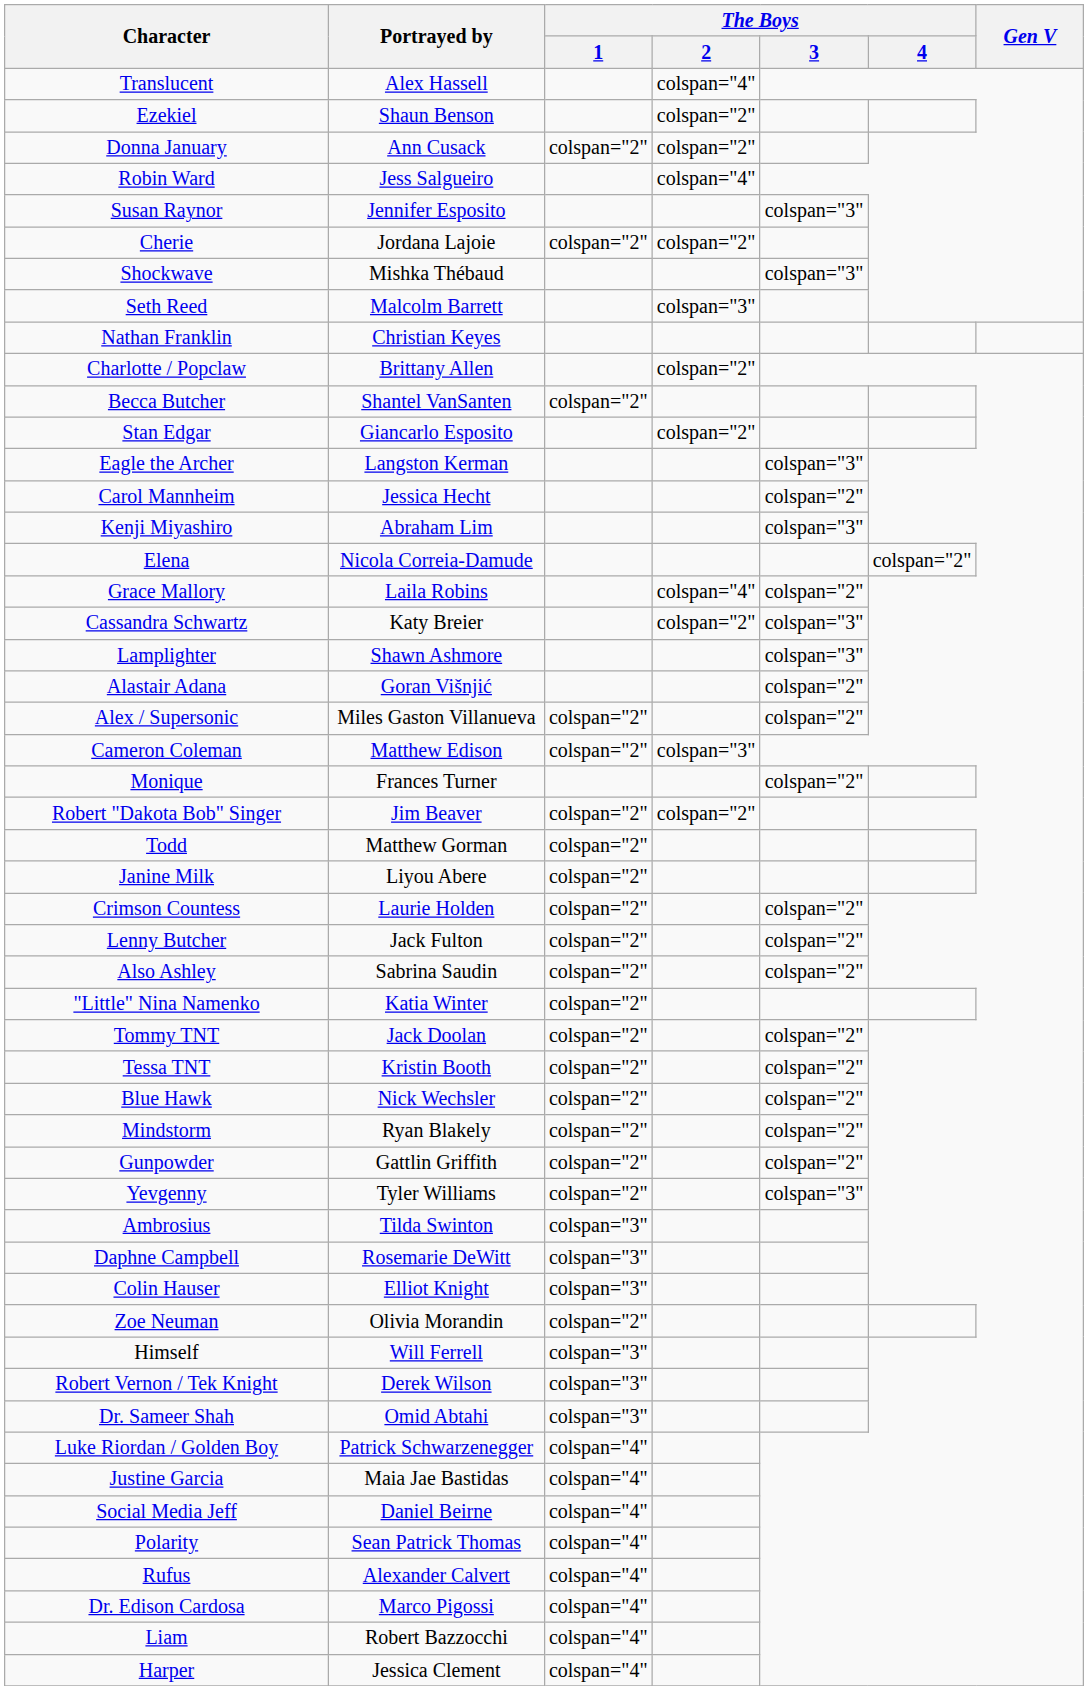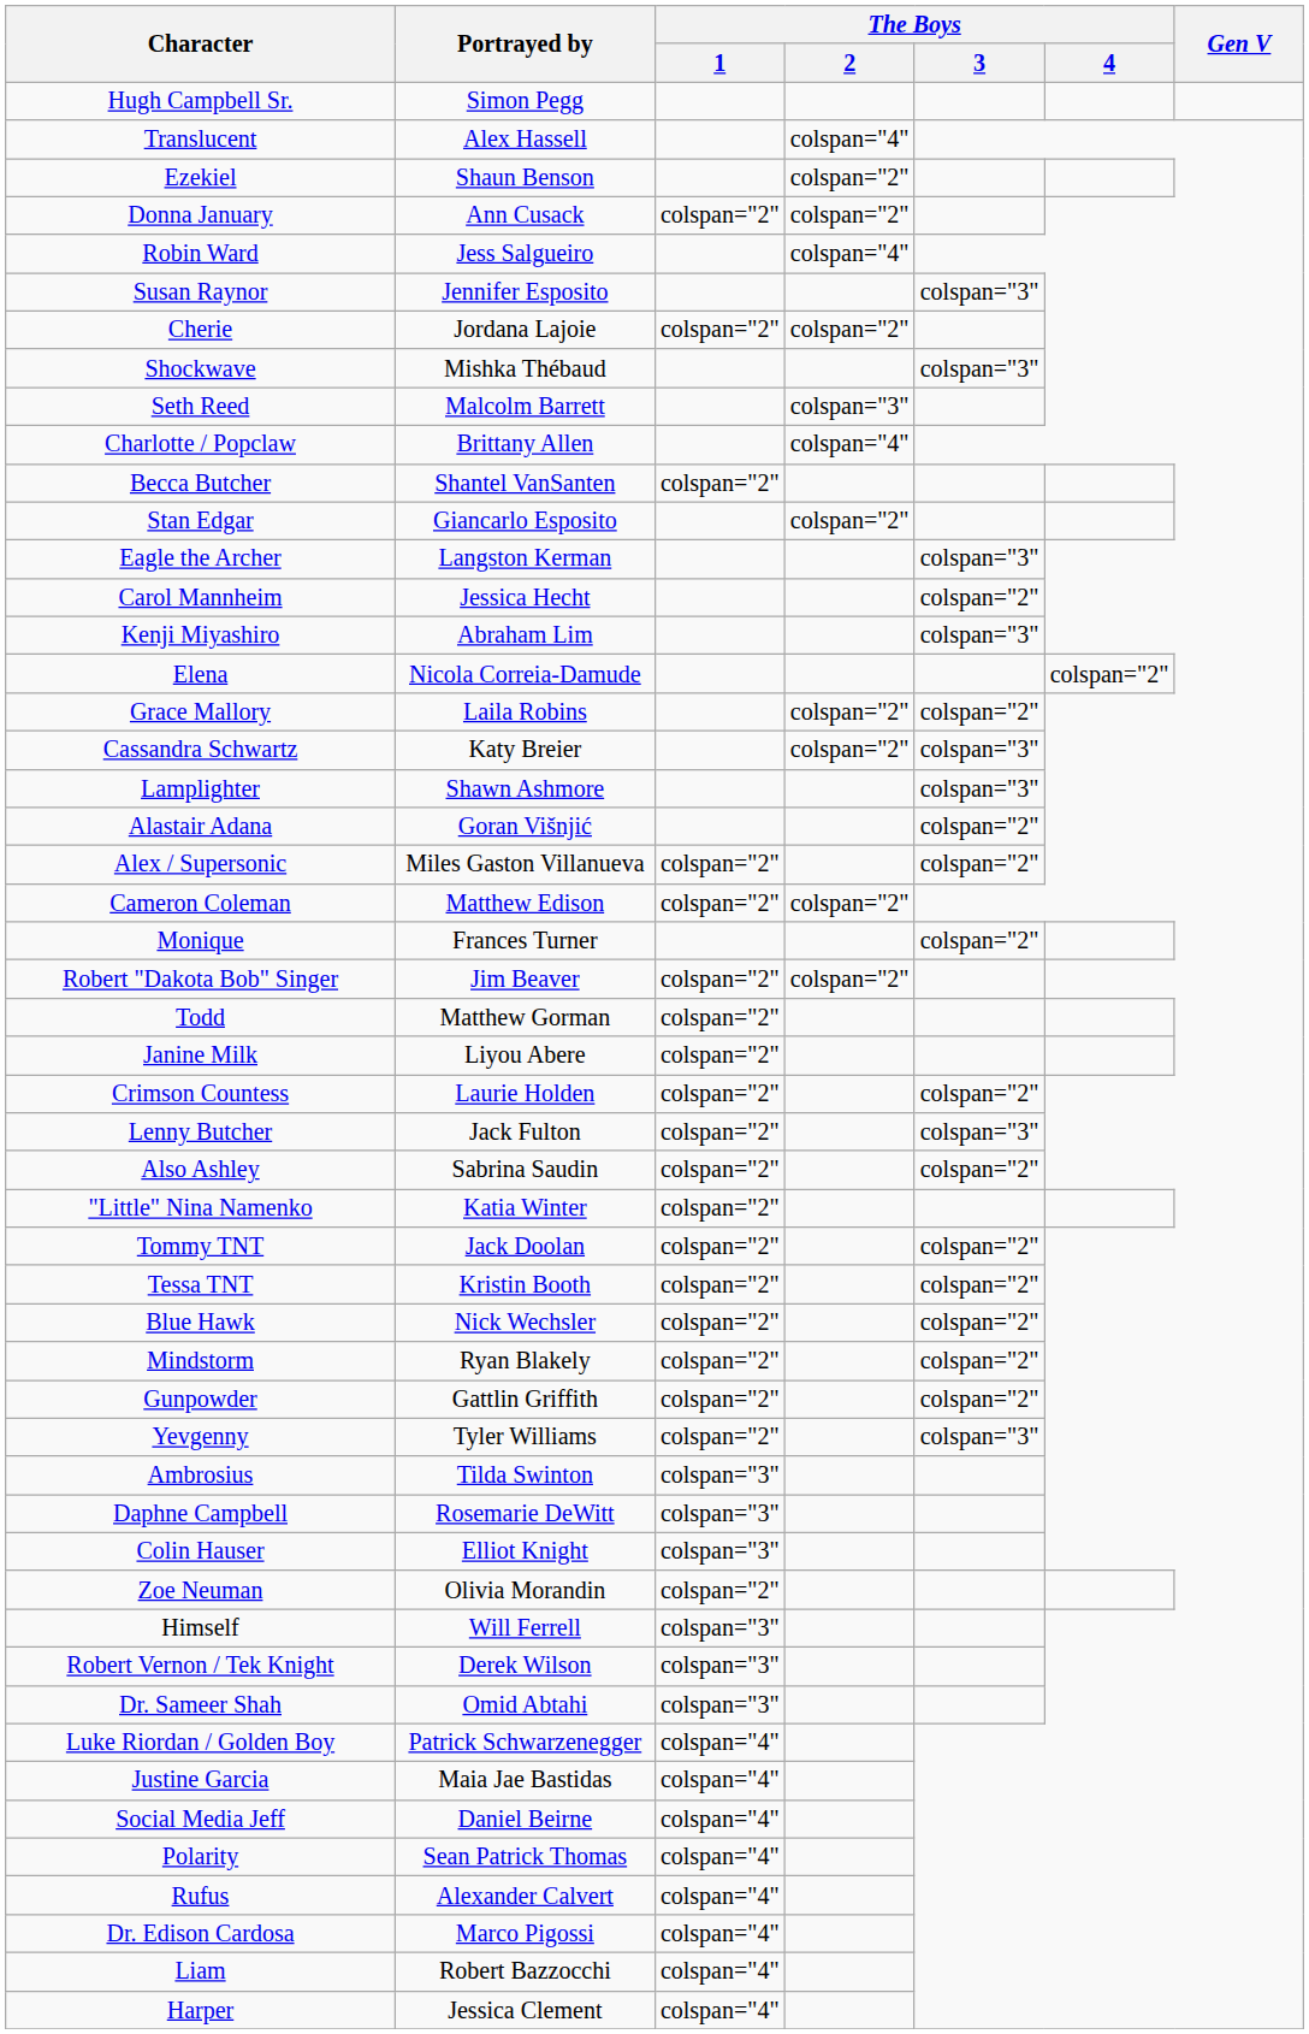 <table class="wikitable plainrowheaders" style="text-align:center;">
 <tr>
 <th scope="col" rowspan="2" style="width:30%;">Character</th>
 <th scope="col" rowspan="2" style="width:20%;">Portrayed by</th>
 <th scope="col" colspan="4"><a href='#'><em>The Boys</em></a></th>
 <th scope="col" rowspan="2" style="width:20%;"><em><a href='#'>Gen V</a></em></th>
 </tr>
 <tr>
 <th style="width:10%;"><a href='#'>1</a></th>
 <th style="width:10%;"><a href='#'>2</a></th>
 <th style="width:10%;"><a href='#'>3</a></th>
 <th style="width:10%;"><a href='#'>4</a></th>
+</tr>
+<tr>
+<td scope="row"><a href='#'>Hugh Campbell Sr.</a></td>
+<td><a href='#'>Simon Pegg</a></td>
+<td></td>
+<td></td>
+<td></td>
+<td></td>
+<td></td>
 </tr>
 <tr>
 <td scope="row"><a href='#'>Translucent</a></td>
 <td><a href='#'>Alex Hassell</a></td>
 <td></td>
 <td>colspan="4" </td>
 </tr>
 <tr>
 <td scope="row"><a href='#'>Ezekiel</a></td>
 <td><a href='#'>Shaun Benson</a></td>
 <td></td>
 <td>colspan="2" </td>
 <td></td>
 <td></td>
 </tr>
 <tr>
 <td scope="row"><a href='#'>Donna January</a></td>
 <td><a href='#'>Ann Cusack</a></td>
 <td>colspan="2" </td>
 <td>colspan="2" </td>
 <td></td>
 </tr>
 <tr>
 <td scope="row"><a href='#'>Robin Ward</a></td>
 <td><a href='#'>Jess Salgueiro</a></td>
 <td></td>
 <td>colspan="4" </td>
 </tr>
 <tr>
 <td scope="row"><a href='#'>Susan Raynor</a></td>
 <td><a href='#'>Jennifer Esposito</a></td>
 <td></td>
 <td></td>
 <td>colspan="3" </td>
 </tr>
 <tr>
 <td scope="row"><a href='#'>Cherie</a></td>
 <td>Jordana Lajoie</td>
 <td>colspan="2" </td>
 <td>colspan="2" </td>
 <td></td>
 </tr>
 <tr>
 <td scope="row"><a href='#'>Shockwave</a></td>
 <td>Mishka Thébaud</td>
 <td></td>
 <td></td>
 <td>colspan="3" </td>
 </tr>
 <tr>
 <td scope="row"><a href='#'>Seth Reed</a></td>
 <td><a href='#'>Malcolm Barrett</a></td>
 <td></td>
 <td>colspan="3" </td>
 <td></td>
 </tr>
 <tr>
-<td scope="row"><a href='#'>Nathan Franklin</a></td>
-<td><a href='#'>Christian Keyes</a></td>
-<td></td>
-<td></td>
-<td></td>
-<td></td>
-<td></td>
-</tr>
-<tr>
 <td scope="row"><a href='#'>Charlotte / Popclaw</a></td>
 <td><a href='#'>Brittany Allen</a></td>
 <td></td>
-<td>colspan="2" </td>
+<td>colspan="4" </td>
 </tr>
 <tr>
 <td scope="row"><a href='#'>Becca Butcher</a></td>
 <td><a href='#'>Shantel VanSanten</a></td>
 <td>colspan="2" </td>
 <td></td>
 <td></td>
 <td></td>
 </tr>
 <tr>
 <td scope="row"><a href='#'>Stan Edgar</a></td>
 <td><a href='#'>Giancarlo Esposito</a></td>
 <td></td>
 <td>colspan="2" </td>
 <td></td>
 <td></td>
 </tr>
 <tr>
 <td scope="row"><a href='#'>Eagle the Archer</a></td>
 <td><a href='#'>Langston Kerman</a></td>
 <td></td>
 <td></td>
 <td>colspan="3" </td>
 </tr>
 <tr>
 <td scope="row"><a href='#'>Carol Mannheim</a></td>
 <td><a href='#'>Jessica Hecht</a></td>
 <td></td>
 <td></td>
 <td>colspan="2" </td>
 </tr>
 <tr>
 <td scope="row"><a href='#'>Kenji Miyashiro</a></td>
 <td><a href='#'>Abraham Lim</a></td>
 <td></td>
 <td></td>
 <td>colspan="3" </td>
 </tr>
 <tr>
 <td scope="row"><a href='#'>Elena</a></td>
 <td><a href='#'>Nicola Correia-Damude</a></td>
 <td></td>
 <td></td>
 <td></td>
 <td>colspan="2" </td>
 </tr>
 <tr>
 <td scope="row"><a href='#'>Grace Mallory</a></td>
 <td><a href='#'>Laila Robins</a></td>
 <td></td>
-<td>colspan="4" </td>
+<td>colspan="2" </td>
 <td>colspan="2" </td>
 </tr>
 <tr>
 <td scope="row"><a href='#'>Cassandra Schwartz</a></td>
 <td>Katy Breier</td>
 <td></td>
 <td>colspan="2" </td>
 <td>colspan="3" </td>
 </tr>
 <tr>
 <td scope="row"><a href='#'>Lamplighter</a></td>
 <td><a href='#'>Shawn Ashmore</a></td>
 <td></td>
 <td></td>
 <td>colspan="3" </td>
 </tr>
 <tr>
 <td scope="row"><a href='#'>Alastair Adana</a></td>
 <td><a href='#'>Goran Višnjić</a></td>
 <td></td>
 <td></td>
 <td>colspan="2" </td>
 </tr>
 <tr>
 <td scope="row"><a href='#'>Alex / Supersonic</a></td>
 <td>Miles Gaston Villanueva</td>
 <td>colspan="2" </td>
 <td></td>
 <td>colspan="2" </td>
 </tr>
 <tr>
 <td scope="row"><a href='#'>Cameron Coleman</a></td>
 <td><a href='#'>Matthew Edison</a></td>
 <td>colspan="2" </td>
-<td>colspan="3" </td>
+<td>colspan="2" </td>
 </tr>
 <tr>
 <td scope="row"><a href='#'>Monique</a></td>
 <td>Frances Turner</td>
 <td></td>
 <td></td>
 <td>colspan="2" </td>
 <td></td>
 </tr>
 <tr>
 <td scope="row"><a href='#'>Robert "Dakota Bob" Singer</a></td>
 <td><a href='#'>Jim Beaver</a></td>
 <td>colspan="2" </td>
 <td>colspan="2" </td>
 <td></td>
 </tr>
 <tr>
 <td scope="row"><a href='#'>Todd</a></td>
 <td>Matthew Gorman</td>
 <td>colspan="2" </td>
 <td></td>
 <td></td>
 <td></td>
 </tr>
 <tr>
 <td scope="row"><a href='#'>Janine Milk</a></td>
 <td>Liyou Abere</td>
 <td>colspan="2" </td>
 <td></td>
 <td></td>
 <td></td>
 </tr>
 <tr>
 <td scope="row"><a href='#'>Crimson Countess</a></td>
 <td><a href='#'>Laurie Holden</a></td>
 <td>colspan="2" </td>
 <td></td>
 <td>colspan="2" </td>
 </tr>
 <tr>
 <td scope="row"><a href='#'>Lenny Butcher</a></td>
 <td>Jack Fulton</td>
 <td>colspan="2" </td>
 <td></td>
-<td>colspan="2" </td>
+<td>colspan="3" </td>
 </tr>
 <tr>
 <td scope="row"><a href='#'>Also Ashley</a></td>
 <td>Sabrina Saudin</td>
 <td>colspan="2" </td>
 <td></td>
 <td>colspan="2" </td>
 </tr>
 <tr>
 <td scope="row"><a href='#'>"Little" Nina Namenko</a></td>
 <td><a href='#'>Katia Winter</a></td>
 <td>colspan="2" </td>
 <td></td>
 <td></td>
 <td></td>
 </tr>
 <tr>
 <td scope="row"><a href='#'>Tommy TNT</a></td>
 <td><a href='#'>Jack Doolan</a></td>
 <td>colspan="2" </td>
 <td></td>
 <td>colspan="2" </td>
 </tr>
 <tr>
 <td scope="row"><a href='#'>Tessa TNT</a></td>
 <td><a href='#'>Kristin Booth</a></td>
 <td>colspan="2" </td>
 <td></td>
 <td>colspan="2" </td>
 </tr>
 <tr>
 <td scope="row"><a href='#'>Blue Hawk</a></td>
 <td><a href='#'>Nick Wechsler</a></td>
 <td>colspan="2" </td>
 <td></td>
 <td>colspan="2" </td>
 </tr>
 <tr>
 <td scope="row"><a href='#'>Mindstorm</a></td>
 <td>Ryan Blakely</td>
 <td>colspan="2" </td>
 <td></td>
 <td>colspan="2" </td>
 </tr>
 <tr>
 <td scope="row"><a href='#'>Gunpowder</a></td>
 <td>Gattlin Griffith</td>
 <td>colspan="2" </td>
 <td></td>
 <td>colspan="2" </td>
 </tr>
 <tr>
 <td scope="row"><a href='#'>Yevgenny</a></td>
 <td>Tyler Williams</td>
 <td>colspan="2" </td>
 <td></td>
 <td>colspan="3" </td>
 </tr>
 <tr>
 <td scope="row"><a href='#'>Ambrosius</a></td>
 <td><a href='#'>Tilda Swinton</a></td>
 <td>colspan="3" </td>
 <td></td>
 <td></td>
 </tr>
 <tr>
 <td scope="row"><a href='#'>Daphne Campbell</a></td>
 <td><a href='#'>Rosemarie DeWitt</a></td>
 <td>colspan="3" </td>
 <td></td>
 <td></td>
 </tr>
 <tr>
 <td scope="row"><a href='#'>Colin Hauser</a></td>
 <td><a href='#'>Elliot Knight</a></td>
 <td>colspan="3" </td>
 <td></td>
 <td></td>
 </tr>
 <tr>
 <td scope="row"><a href='#'>Zoe Neuman</a></td>
 <td>Olivia Morandin</td>
 <td>colspan="2" </td>
 <td></td>
 <td></td>
 <td></td>
 </tr>
 <tr>
 <td scope="row">Himself</td>
 <td><a href='#'>Will Ferrell</a></td>
 <td>colspan="3" </td>
 <td></td>
 <td></td>
 </tr>
 <tr>
 <td scope="row"><a href='#'>Robert Vernon / Tek Knight</a></td>
 <td><a href='#'>Derek Wilson</a></td>
 <td>colspan="3" </td>
 <td></td>
 <td></td>
 </tr>
 <tr>
 <td scope="row"><a href='#'>Dr. Sameer Shah</a></td>
 <td><a href='#'>Omid Abtahi</a></td>
 <td>colspan="3" </td>
 <td></td>
 <td></td>
 </tr>
 <tr>
 <td scope="row"><a href='#'>Luke Riordan / Golden Boy</a></td>
 <td><a href='#'>Patrick Schwarzenegger</a></td>
 <td>colspan="4" </td>
 <td></td>
 </tr>
 <tr>
 <td scope="row"><a href='#'>Justine Garcia</a></td>
 <td>Maia Jae Bastidas</td>
 <td>colspan="4" </td>
 <td></td>
 </tr>
 <tr>
 <td scope="row"><a href='#'>Social Media Jeff</a></td>
 <td><a href='#'>Daniel Beirne</a></td>
 <td>colspan="4" </td>
 <td></td>
 </tr>
 <tr>
 <td scope="row"><a href='#'>Polarity</a></td>
 <td><a href='#'>Sean Patrick Thomas</a></td>
 <td>colspan="4" </td>
 <td></td>
 </tr>
 <tr>
 <td scope="row"><a href='#'>Rufus</a></td>
 <td><a href='#'>Alexander Calvert</a></td>
 <td>colspan="4" </td>
 <td></td>
 </tr>
 <tr>
 <td scope="row"><a href='#'>Dr. Edison Cardosa</a></td>
 <td><a href='#'>Marco Pigossi</a></td>
 <td>colspan="4" </td>
 <td></td>
 </tr>
 <tr>
 <td scope="row"><a href='#'>Liam</a></td>
 <td>Robert Bazzocchi</td>
 <td>colspan="4" </td>
 <td></td>
 </tr>
 <tr>
 <td scope="row"><a href='#'>Harper</a></td>
 <td>Jessica Clement</td>
 <td>colspan="4" </td>
 <td></td>
 </tr>
 </table>
